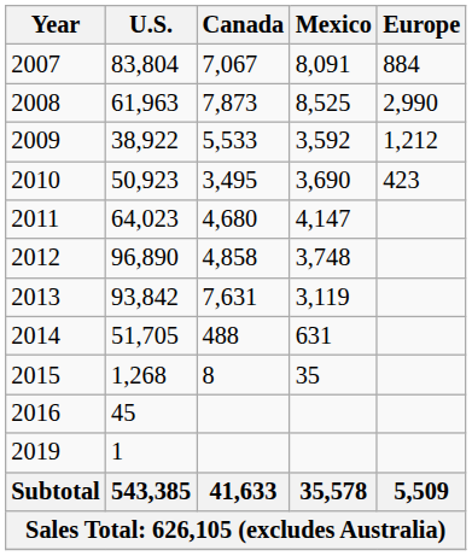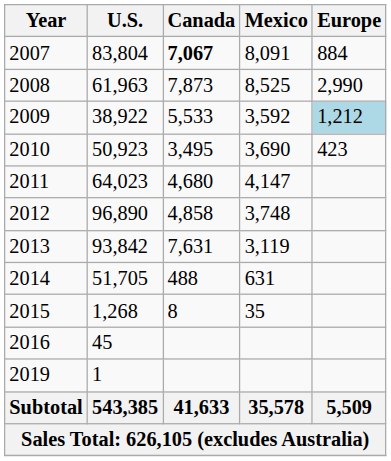 <table class="wikitable">
 <tr>
 <th>Year</th>
 <th>U.S.</th>
 <th>Canada</th>
 <th>Mexico</th>
 <th>Europe</th>
 </tr>
 <tr>
 <td>2007</td>
 <td>83,804</td>
-<td>7,067</td>
+<td><strong>7,067</strong></td>
 <td>8,091</td>
 <td>884</td>
 </tr>
 <tr>
 <td>2008</td>
 <td>61,963</td>
 <td>7,873</td>
 <td>8,525</td>
 <td>2,990</td>
 </tr>
 <tr>
 <td>2009</td>
 <td>38,922</td>
 <td>5,533</td>
 <td>3,592</td>
-<td>1,212</td>
+<td style="background: lightblue;">1,212</td>
 </tr>
 <tr>
 <td>2010</td>
 <td>50,923</td>
 <td>3,495</td>
 <td>3,690</td>
 <td>423</td>
 </tr>
 <tr>
 <td>2011</td>
 <td>64,023</td>
 <td>4,680</td>
 <td>4,147</td>
 <td></td>
 </tr>
 <tr>
 <td>2012</td>
 <td>96,890</td>
 <td>4,858</td>
 <td>3,748</td>
 <td></td>
 </tr>
 <tr>
 <td>2013</td>
 <td>93,842</td>
 <td>7,631</td>
 <td>3,119</td>
 <td></td>
 </tr>
 <tr>
 <td>2014</td>
 <td>51,705</td>
 <td>488</td>
 <td>631</td>
 <td></td>
 </tr>
 <tr>
 <td>2015</td>
 <td>1,268</td>
 <td>8</td>
 <td>35</td>
 <td></td>
 </tr>
 <tr>
 <td>2016</td>
 <td>45</td>
 <td></td>
 <td></td>
 <td></td>
 </tr>
 <tr>
 <td>2019</td>
 <td>1</td>
 <td></td>
 <td></td>
 <td></td>
 </tr>
 <tr>
 <th>Subtotal</th>
 <th>543,385</th>
 <th>41,633</th>
 <th>35,578</th>
 <th>5,509</th>
 </tr>
 <tr>
 <th colspan="5">Sales Total: 626,105 (excludes Australia)</th>
 </tr>
 <tr>
 </tr>
 </table>
